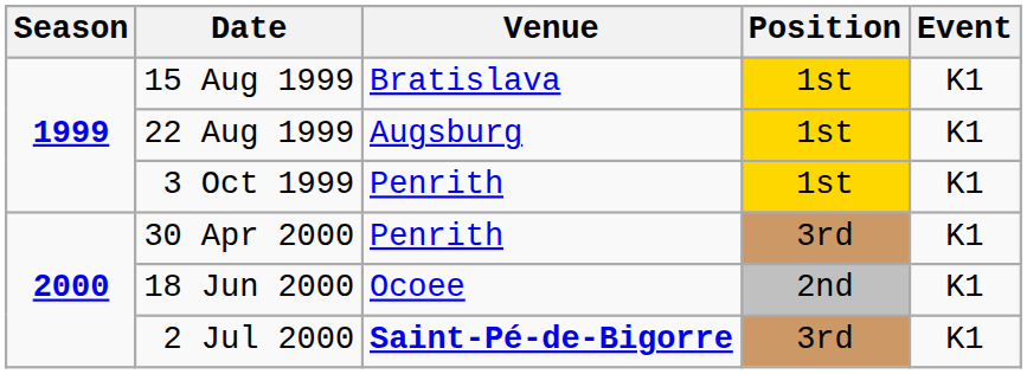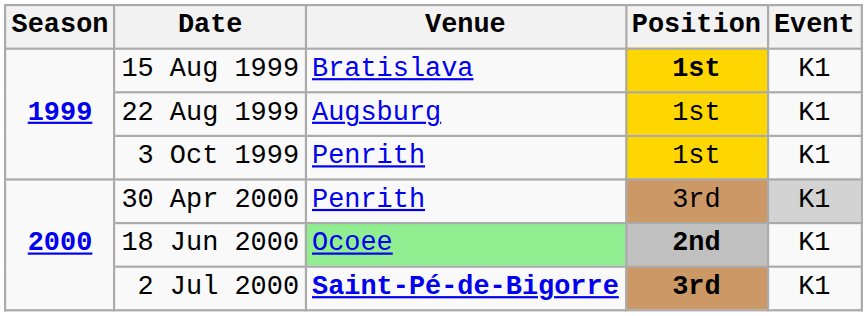 <table class="wikitable" style="text-align:center; font-size:95%;">
 <tr>
 <th>Season</th>
 <th>Date</th>
 <th>Venue</th>
 <th>Position</th>
 <th>Event</th>
 </tr>
 <tr>
 <td rowspan=3><strong><a href='#'>1999</a></strong></td>
 <td align=right>15 Aug 1999</td>
 <td align=left><a href='#'>Bratislava</a></td>
-<td bgcolor=gold>1st</td>
+<td bgcolor=gold><strong>1st</strong></td>
 <td>K1</td>
 </tr>
 <tr>
 <td align=right>22 Aug 1999</td>
 <td align=left><a href='#'>Augsburg</a></td>
 <td bgcolor=gold>1st</td>
 <td>K1</td>
 </tr>
 <tr>
 <td align=right>3 Oct 1999</td>
 <td align=left><a href='#'>Penrith</a></td>
 <td bgcolor=gold>1st</td>
 <td>K1</td>
 </tr>
 <tr>
 <td rowspan=3><strong><a href='#'>2000</a></strong></td>
 <td align=right>30 Apr 2000</td>
 <td align=left><a href='#'>Penrith</a></td>
 <td bgcolor=cc9966>3rd</td>
-<td>K1</td>
+<td style="background: lightgrey;">K1</td>
 </tr>
 <tr>
 <td align=right>18 Jun 2000</td>
-<td align=left><a href='#'>Ocoee</a></td>
-<td bgcolor=silver>2nd</td>
+<td align=left style="background: lightgreen;"><a href='#'>Ocoee</a></td>
+<td bgcolor=silver><strong>2nd</strong></td>
 <td>K1</td>
 </tr>
 <tr>
 <td align=right>2 Jul 2000</td>
 <td align=left><strong><a href='#'>Saint-Pé-de-Bigorre</a></strong></td>
-<td bgcolor=cc9966>3rd</td>
+<td bgcolor=cc9966><strong>3rd</strong></td>
 <td>K1</td>
 </tr>
 </table>
